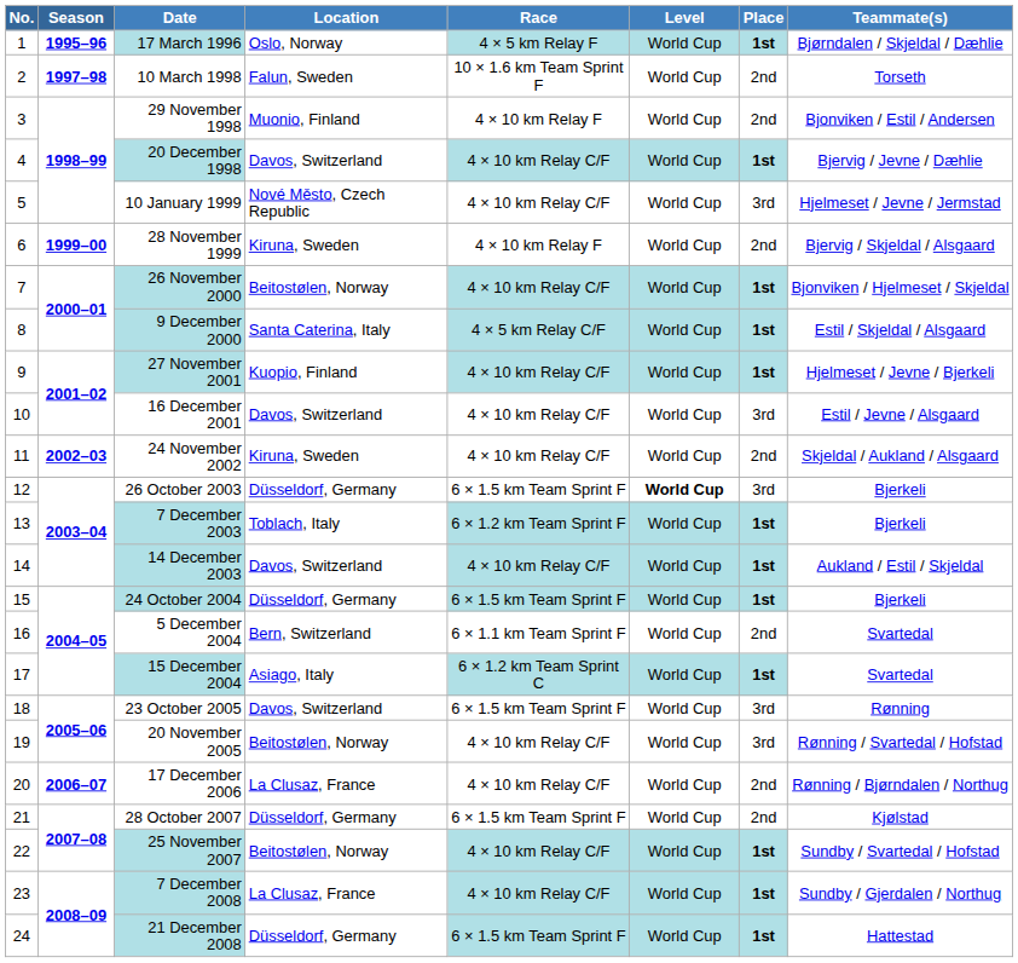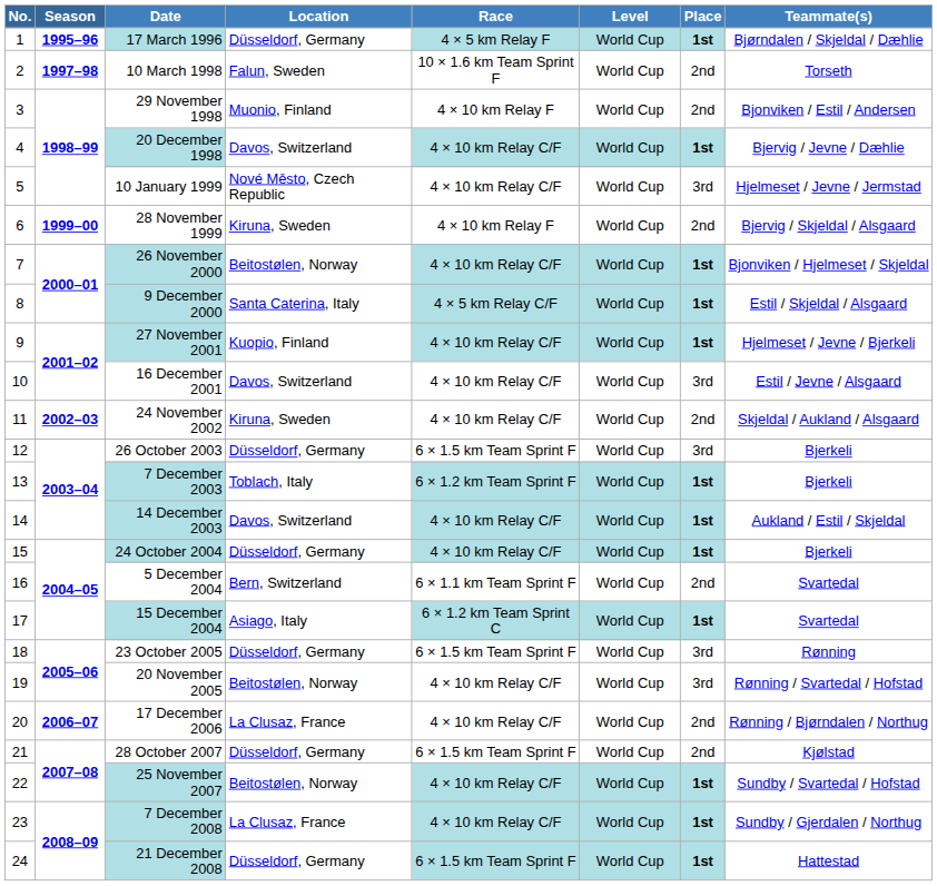 <table class="wikitable sortable" style="font-size:95%; text-align:center; border:grey solid 1px; border-collapse:collapse; background:#ffffff;">
 <tr style="background:#efefef;">
 <th style="background-color:#369; color:white;">No.</th>
 <th style="background-color:#369; color:white;">Season</th>
 <th style="background-color:#4180be; color:white; width:120px;">Date</th>
 <th style="background-color:#4180be; color:white; width:190px;">Location</th>
 <th style="background-color:#4180be; color:white; width:170px;">Race</th>
 <th style="background-color:#4180be; color:white; width:100px;">Level</th>
 <th style="background-color:#4180be; color:white;">Place</th>
 <th style="background-color:#4180be; color:white;">Teammate(s)</th>
 </tr>
 <tr>
 <td align=center>1</td>
 <td rowspan=1 align=center><strong><a href='#'>1995–96</a></strong></td>
 <td bgcolor="#BOEOE6" align=right>17 March 1996</td>
-<td align=left> <a href='#'>Oslo</a>, Norway</td>
+<td align=left> <a href='#'>Düsseldorf</a>, Germany</td>
 <td bgcolor="#BOEOE6">4 × 5 km Relay F</td>
 <td bgcolor="#BOEOE6">World Cup</td>
 <td bgcolor="#BOEOE6"><strong>1st</strong></td>
 <td><a href='#'>Bjørndalen</a> / <a href='#'>Skjeldal</a> / <a href='#'>Dæhlie</a></td>
 </tr>
 <tr>
 <td align=center>2</td>
 <td rowspan=1 align=center><strong> <a href='#'>1997–98</a> </strong></td>
 <td align=right>10 March 1998</td>
 <td align=left> <a href='#'>Falun</a>, Sweden</td>
 <td>10 × 1.6 km Team Sprint F</td>
 <td>World Cup</td>
 <td>2nd</td>
 <td><a href='#'>Torseth</a></td>
 </tr>
 <tr>
 <td align=center>3</td>
 <td rowspan=3 align=center><strong> <a href='#'>1998–99</a> </strong></td>
 <td align=right>29 November 1998</td>
 <td align=left> <a href='#'>Muonio</a>, Finland</td>
 <td>4 × 10 km Relay F</td>
 <td>World Cup</td>
 <td>2nd</td>
 <td><a href='#'>Bjonviken</a> / <a href='#'>Estil</a> / <a href='#'>Andersen</a></td>
 </tr>
 <tr>
 <td align=center>4</td>
 <td bgcolor="#BOEOE6" align=right>20 December 1998</td>
 <td align=left> <a href='#'>Davos</a>, Switzerland</td>
 <td bgcolor="#BOEOE6">4 × 10 km Relay C/F</td>
 <td bgcolor="#BOEOE6">World Cup</td>
 <td bgcolor="#BOEOE6"><strong>1st</strong></td>
 <td><a href='#'>Bjervig</a> / <a href='#'>Jevne</a> / <a href='#'>Dæhlie</a></td>
 </tr>
 <tr>
 <td align=center>5</td>
 <td align=right>10 January 1999</td>
 <td align=left> <a href='#'>Nové Město</a>, Czech Republic</td>
 <td>4 × 10 km Relay C/F</td>
 <td>World Cup</td>
 <td>3rd</td>
 <td><a href='#'>Hjelmeset</a> / <a href='#'>Jevne</a> / <a href='#'>Jermstad</a></td>
 </tr>
 <tr>
 <td align=center>6</td>
 <td rowspan=1 align=center><strong> <a href='#'>1999–00</a> </strong></td>
 <td align=right>28 November 1999</td>
 <td align=left> <a href='#'>Kiruna</a>, Sweden</td>
 <td>4 × 10 km Relay F</td>
 <td>World Cup</td>
 <td>2nd</td>
 <td><a href='#'>Bjervig</a> / <a href='#'>Skjeldal</a> / <a href='#'>Alsgaard</a></td>
 </tr>
 <tr>
 <td align=center>7</td>
 <td rowspan=2 align=center><strong><a href='#'>2000–01</a></strong></td>
 <td bgcolor="#BOEOE6" align=right>26 November 2000</td>
 <td align=left> <a href='#'>Beitostølen</a>, Norway</td>
 <td bgcolor="#BOEOE6">4 × 10 km Relay C/F</td>
 <td bgcolor="#BOEOE6">World Cup</td>
 <td bgcolor="#BOEOE6"><strong>1st</strong></td>
 <td><a href='#'>Bjonviken</a> / <a href='#'>Hjelmeset</a> / <a href='#'>Skjeldal</a></td>
 </tr>
 <tr>
 <td align=center>8</td>
 <td bgcolor="#BOEOE6" align=right>9 December 2000</td>
 <td align=left> <a href='#'>Santa Caterina</a>, Italy</td>
 <td bgcolor="#BOEOE6">4 × 5 km Relay C/F</td>
 <td bgcolor="#BOEOE6">World Cup</td>
 <td bgcolor="#BOEOE6"><strong>1st</strong></td>
 <td><a href='#'>Estil</a> / <a href='#'>Skjeldal</a> / <a href='#'>Alsgaard</a></td>
 </tr>
 <tr>
 <td align=center>9</td>
 <td rowspan=2 align=center><strong><a href='#'>2001–02</a></strong></td>
 <td bgcolor="#BOEOE6" align=right>27 November 2001</td>
 <td align=left> <a href='#'>Kuopio</a>, Finland</td>
 <td bgcolor="#BOEOE6">4 × 10 km Relay C/F</td>
 <td bgcolor="#BOEOE6">World Cup</td>
 <td bgcolor="#BOEOE6"><strong>1st</strong></td>
 <td><a href='#'>Hjelmeset</a> / <a href='#'>Jevne</a> / <a href='#'>Bjerkeli</a></td>
 </tr>
 <tr>
 <td align=center>10</td>
 <td align=right>16 December 2001</td>
 <td align=left> <a href='#'>Davos</a>, Switzerland</td>
 <td>4 × 10 km Relay C/F</td>
 <td>World Cup</td>
 <td>3rd</td>
 <td><a href='#'>Estil</a> / <a href='#'>Jevne</a> / <a href='#'>Alsgaard</a></td>
 </tr>
 <tr>
 <td align=center>11</td>
 <td rowspan=1 align=center><strong> <a href='#'>2002–03</a> </strong></td>
 <td align=right>24 November 2002</td>
 <td align=left> <a href='#'>Kiruna</a>, Sweden</td>
 <td>4 × 10 km Relay C/F</td>
 <td>World Cup</td>
 <td>2nd</td>
 <td><a href='#'>Skjeldal</a> / <a href='#'>Aukland</a> / <a href='#'>Alsgaard</a></td>
 </tr>
 <tr>
 <td align=center>12</td>
 <td rowspan=3 align=center><strong> <a href='#'>2003–04</a> </strong></td>
 <td align=right>26 October 2003</td>
 <td align=left> <a href='#'>Düsseldorf</a>, Germany</td>
 <td>6 × 1.5 km Team Sprint F</td>
-<td><strong>World Cup</strong></td>
+<td>World Cup</td>
 <td>3rd</td>
 <td><a href='#'>Bjerkeli</a></td>
 </tr>
 <tr>
 <td align=center>13</td>
 <td bgcolor="#BOEOE6" align=right>7 December 2003</td>
 <td align=left> <a href='#'>Toblach</a>, Italy</td>
 <td bgcolor="#BOEOE6">6 × 1.2 km Team Sprint F</td>
 <td bgcolor="#BOEOE6">World Cup</td>
 <td bgcolor="#BOEOE6"><strong>1st</strong></td>
 <td><a href='#'>Bjerkeli</a></td>
 </tr>
 <tr>
 <td align=center>14</td>
 <td bgcolor="#BOEOE6" align=right>14 December 2003</td>
 <td align=left> <a href='#'>Davos</a>, Switzerland</td>
 <td bgcolor="#BOEOE6">4 × 10 km Relay C/F</td>
 <td bgcolor="#BOEOE6">World Cup</td>
 <td bgcolor="#BOEOE6"><strong>1st</strong></td>
 <td><a href='#'>Aukland</a> / <a href='#'>Estil</a> / <a href='#'>Skjeldal</a></td>
 </tr>
 <tr>
 <td align=center>15</td>
 <td rowspan=3 align=center><strong><a href='#'>2004–05</a></strong></td>
 <td bgcolor="#BOEOE6" align=right>24 October 2004</td>
 <td align=left> <a href='#'>Düsseldorf</a>, Germany</td>
-<td bgcolor="#BOEOE6">6 × 1.5 km Team Sprint F</td>
+<td bgcolor="#BOEOE6">4 × 10 km Relay C/F</td>
 <td bgcolor="#BOEOE6">World Cup</td>
 <td bgcolor="#BOEOE6"><strong>1st</strong></td>
 <td><a href='#'>Bjerkeli</a></td>
 </tr>
 <tr>
 <td align=center>16</td>
 <td align=right>5 December 2004</td>
 <td align=left> <a href='#'>Bern</a>, Switzerland</td>
 <td>6 × 1.1 km Team Sprint F</td>
 <td>World Cup</td>
 <td>2nd</td>
 <td><a href='#'>Svartedal</a></td>
 </tr>
 <tr>
 <td align=center>17</td>
 <td bgcolor="#BOEOE6" align=right>15 December 2004</td>
 <td align=left> <a href='#'>Asiago</a>, Italy</td>
 <td bgcolor="#BOEOE6">6 × 1.2 km Team Sprint C</td>
 <td bgcolor="#BOEOE6">World Cup</td>
 <td bgcolor="#BOEOE6"><strong>1st</strong></td>
 <td><a href='#'>Svartedal</a></td>
 </tr>
 <tr>
 <td align=center>18</td>
 <td rowspan=2 align=center><strong> <a href='#'>2005–06</a> </strong></td>
 <td align=right>23 October 2005</td>
-<td align=left> <a href='#'>Davos</a>, Switzerland</td>
+<td align=left> <a href='#'>Düsseldorf</a>, Germany</td>
 <td>6 × 1.5 km Team Sprint F</td>
 <td>World Cup</td>
 <td>3rd</td>
 <td><a href='#'>Rønning</a></td>
 </tr>
 <tr>
 <td align=center>19</td>
 <td align=right>20 November 2005</td>
 <td align=left> <a href='#'>Beitostølen</a>, Norway</td>
 <td>4 × 10 km Relay C/F</td>
 <td>World Cup</td>
 <td>3rd</td>
 <td><a href='#'>Rønning</a> / <a href='#'>Svartedal</a> / <a href='#'>Hofstad</a></td>
 </tr>
 <tr>
 <td align=center>20</td>
 <td rowspan=1 align=center><strong> <a href='#'>2006–07</a> </strong></td>
 <td align=right>17 December 2006</td>
 <td align=left> <a href='#'>La Clusaz</a>, France</td>
 <td>4 × 10 km Relay C/F</td>
 <td>World Cup</td>
 <td>2nd</td>
 <td><a href='#'>Rønning</a> / <a href='#'>Bjørndalen</a> / <a href='#'>Northug</a></td>
 </tr>
 <tr>
 <td align=center>21</td>
 <td rowspan=2 align=center><strong> <a href='#'>2007–08</a> </strong></td>
 <td align=right>28 October 2007</td>
 <td align=left> <a href='#'>Düsseldorf</a>, Germany</td>
 <td>6 × 1.5 km Team Sprint F</td>
 <td>World Cup</td>
 <td>2nd</td>
 <td><a href='#'>Kjølstad</a></td>
 </tr>
 <tr>
 <td align=center>22</td>
 <td bgcolor="#BOEOE6" align=right>25 November 2007</td>
 <td align=left> <a href='#'>Beitostølen</a>, Norway</td>
 <td bgcolor="#BOEOE6">4 × 10 km Relay C/F</td>
 <td bgcolor="#BOEOE6">World Cup</td>
 <td bgcolor="#BOEOE6"><strong>1st</strong></td>
 <td><a href='#'>Sundby</a> / <a href='#'>Svartedal</a> / <a href='#'>Hofstad</a></td>
 </tr>
 <tr>
 <td align=center>23</td>
 <td rowspan=2 align=center><strong><a href='#'>2008–09</a></strong></td>
 <td bgcolor="#BOEOE6" align=right>7 December 2008</td>
 <td align=left> <a href='#'>La Clusaz</a>, France</td>
 <td bgcolor="#BOEOE6">4 × 10 km Relay C/F</td>
 <td bgcolor="#BOEOE6">World Cup</td>
 <td bgcolor="#BOEOE6"><strong>1st</strong></td>
 <td><a href='#'>Sundby</a> / <a href='#'>Gjerdalen</a> / <a href='#'>Northug</a></td>
 </tr>
 <tr>
 <td align=center>24</td>
 <td bgcolor="#BOEOE6" align=right>21 December 2008</td>
 <td align=left> <a href='#'>Düsseldorf</a>, Germany</td>
 <td bgcolor="#BOEOE6">6 × 1.5 km Team Sprint F</td>
 <td bgcolor="#BOEOE6">World Cup</td>
 <td bgcolor="#BOEOE6"><strong>1st</strong></td>
 <td><a href='#'>Hattestad</a></td>
 </tr>
 </table>
